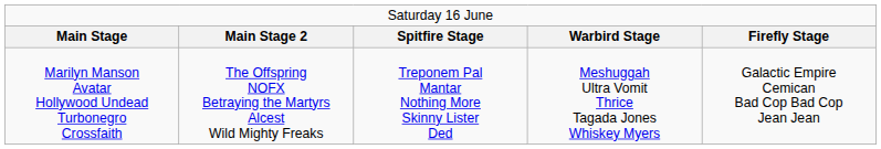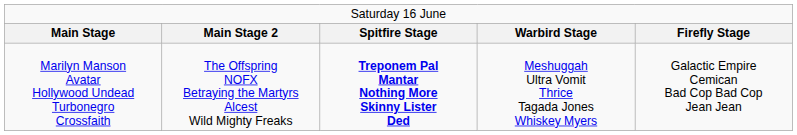 <table class="wikitable">
 <tr>
 <td colspan="5" style="text-align:center;">Saturday 16 June</td>
 </tr>
 <tr>
 <th>Main Stage</th>
 <th>Main Stage 2</th>
 <th>Spitfire Stage</th>
 <th>Warbird Stage</th>
 <th>Firefly Stage</th>
 </tr>
 <tr>
 <td style="text-align:center; vertical-align:top; width:200px;"><br><a href='#'>Marilyn Manson</a><br> <a href='#'>Avatar</a> <br> <a href='#'>Hollywood Undead</a> <br> <a href='#'>Turbonegro</a> <br> <a href='#'>Crossfaith</a> <br></td>
 <td style="text-align:center; vertical-align:top; width:200px;"><br><a href='#'>The Offspring</a> <br> <a href='#'>NOFX</a> <br> <a href='#'>Betraying the Martyrs</a> <br> <a href='#'>Alcest</a> <br> Wild Mighty Freaks <br></td>
-<td style="text-align:center; vertical-align:top; width:200px;"><br><a href='#'>Treponem Pal</a> <br> <a href='#'>Mantar</a> <br> <a href='#'>Nothing More</a> <br> <a href='#'>Skinny Lister</a> <br> <a href='#'>Ded</a> <br></td>
+<td style="text-align:center; vertical-align:top; width:200px;"><strong><br><a href='#'>Treponem Pal</a> <br> <a href='#'>Mantar</a> <br> <a href='#'>Nothing More</a> <br> <a href='#'>Skinny Lister</a> <br> <a href='#'>Ded</a> <br></strong></td>
 <td style="text-align:center; vertical-align:top; width:200px;"><br><a href='#'>Meshuggah</a> <br> Ultra Vomit <br> <a href='#'>Thrice</a> <br> Tagada Jones <br> <a href='#'>Whiskey Myers</a> <br></td>
 <td style="text-align:center; vertical-align:top; width:200px;"><br>Galactic Empire <br> Cemican <br> Bad Cop Bad Cop <br> Jean Jean <br></td>
 </tr>
 </table>
